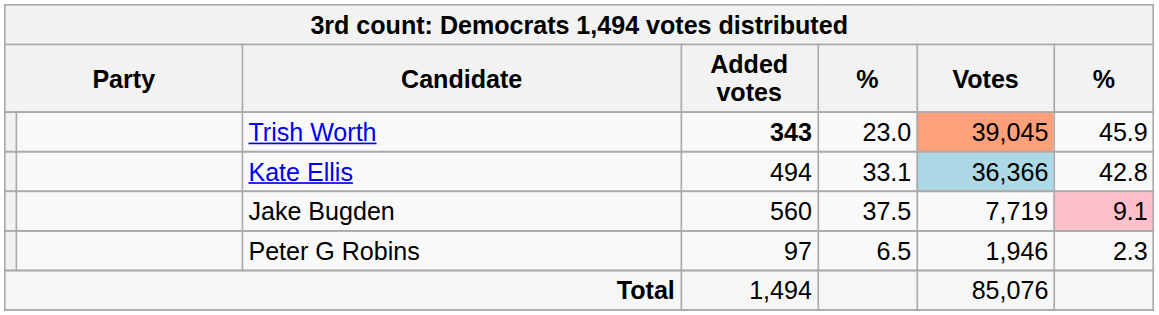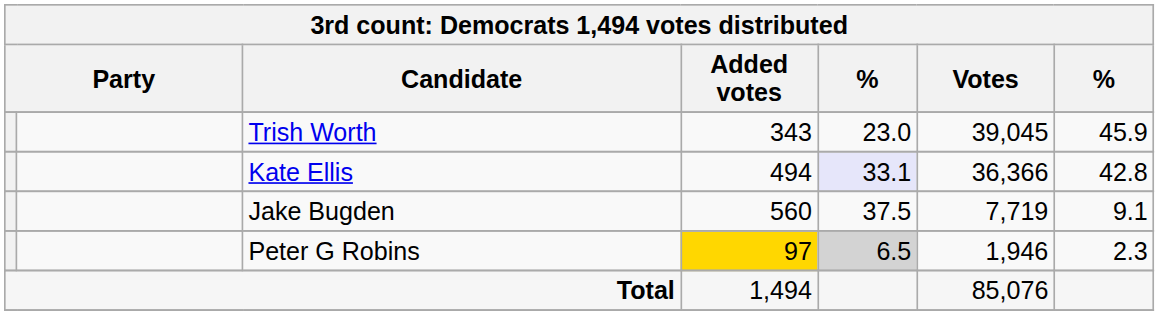 <table class="wikitable" style="font-size: 95%;">
 <tr style="background-color:#E9E9E9">
 <th colspan=7>3rd count: Democrats 1,494 votes distributed</th>
 </tr>
 <tr style="background-color:#E9E9E9">
 <th colspan=2 style="width: 130px">Party</th>
 <th style="width: 17em">Candidate</th>
 <th style="width: 5em">Added votes</th>
 <th style="width: 3.5em">%</th>
 <th style="width: 5em">Votes</th>
 <th style="width: 3.5em">%</th>
 </tr>
 <tr>
 </tr>
 <tr class="vcard">
 <th></th>
 <td class="org" style="width: 130px"></td>
 <td class="fn"><a href='#'>Trish Worth</a></td>
-<td style="text-align: right; margin-right: 0.5em"><strong>343</strong></td>
+<td style="text-align: right; margin-right: 0.5em">343</td>
 <td style="text-align: right; margin-right: 0.5em">23.0</td>
-<td style="background: lightsalmon; text-align: right; margin-right: 0.5em">39,045</td>
+<td style="text-align: right; margin-right: 0.5em">39,045</td>
 <td style="text-align: right; margin-right: 0.5em">45.9</td>
 </tr>
 <tr>
 </tr>
 <tr class="vcard">
 <th></th>
 <td class="org" style="width: 130px"></td>
 <td class="fn"><a href='#'>Kate Ellis</a></td>
 <td style="text-align: right; margin-right: 0.5em">494</td>
-<td style="text-align: right; margin-right: 0.5em">33.1</td>
-<td style="background: lightblue; text-align: right; margin-right: 0.5em">36,366</td>
+<td style="background: lavender; text-align: right; margin-right: 0.5em">33.1</td>
+<td style="text-align: right; margin-right: 0.5em">36,366</td>
 <td style="text-align: right; margin-right: 0.5em">42.8</td>
 </tr>
 <tr>
 </tr>
 <tr class="vcard">
 <th></th>
 <td class="org" style="width: 130px"></td>
 <td class="fn">Jake Bugden</td>
 <td style="text-align: right; margin-right: 0.5em">560</td>
 <td style="text-align: right; margin-right: 0.5em">37.5</td>
 <td style="text-align: right; margin-right: 0.5em">7,719</td>
-<td style="background: pink; text-align: right; margin-right: 0.5em">9.1</td>
+<td style="text-align: right; margin-right: 0.5em">9.1</td>
 </tr>
 <tr>
 </tr>
 <tr class="vcard">
 <th></th>
 <td class="org" style="width: 130px"></td>
 <td class="fn">Peter G Robins</td>
-<td style="text-align: right; margin-right: 0.5em">97</td>
-<td style="text-align: right; margin-right: 0.5em">6.5</td>
+<td style="background: gold; text-align: right; margin-right: 0.5em">97</td>
+<td style="background: lightgrey; text-align: right; margin-right: 0.5em">6.5</td>
 <td style="text-align: right; margin-right: 0.5em">1,946</td>
 <td style="text-align: right; margin-right: 0.5em">2.3</td>
 </tr>
 <tr>
 </tr>
 <tr style="background-color:#F6F6F6">
 <td colspan="3" style="text-align: right; margin-right: 0.5em"><strong>Total</strong></td>
 <td style="text-align: right; margin-right: 0.5em">1,494</td>
 <td style="text-align: right; margin-right: 0.5em"></td>
 <td style="text-align: right; margin-right: 0.5em">85,076</td>
 <td style="text-align: right; margin-right: 0.5em"></td>
 </tr>
 <tr>
 </tr>
 </table>
